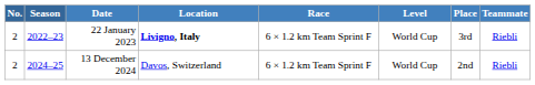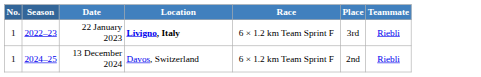 <table class="wikitable sortable" style="font-size:95%; text-align:center; border:grey solid 1px; border-collapse:collapse; background:#ffffff;">
 <tr style="background:#efefef;">
 <th style="background-color:#369; color:white;">No.</th>
 <th style="background-color:#369; color:white;">Season</th>
 <th style="background-color:#4180be; color:white; width:100px;">Date</th>
 <th style="background-color:#4180be; color:white; width:170px;">Location</th>
 <th style="background-color:#4180be; color:white; width:170px;">Race</th>
-<th style="background-color:#4180be; color:white; width:100px;">Level</th>
 <th style="background-color:#4180be; color:white;">Place</th>
 <th style="background-color:#4180be; color:white;">Teammate</th>
 </tr>
 <tr>
-<td align=center>2</td>
+<td align=center>1</td>
 <td rowspan=1 align=center><a href='#'>2022–23</a></td>
 <td align=right>22 January 2023</td>
 <td align=left><strong> <a href='#'>Livigno</a>, Italy</strong></td>
 <td>6 × 1.2 km Team Sprint F</td>
-<td>World Cup</td>
 <td>3rd</td>
 <td><a href='#'>Riebli</a></td>
 </tr>
 <tr>
-<td align=center>2</td>
+<td align=center>1</td>
 <td rowspan=1 align=center><a href='#'>2024–25</a></td>
 <td align=right>13 December 2024</td>
 <td align=left> <a href='#'>Davos</a>, Switzerland</td>
 <td>6 × 1.2 km Team Sprint F</td>
-<td>World Cup</td>
 <td>2nd</td>
 <td><a href='#'>Riebli</a></td>
 </tr>
 </table>
